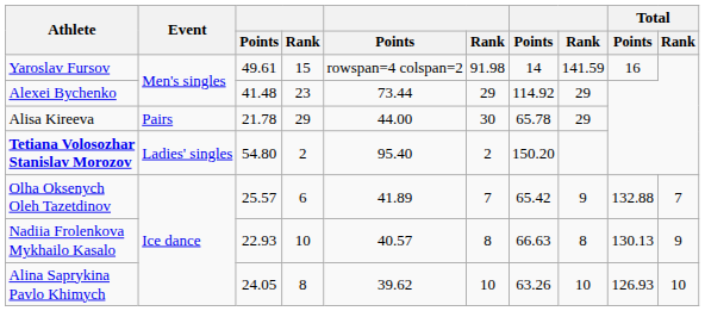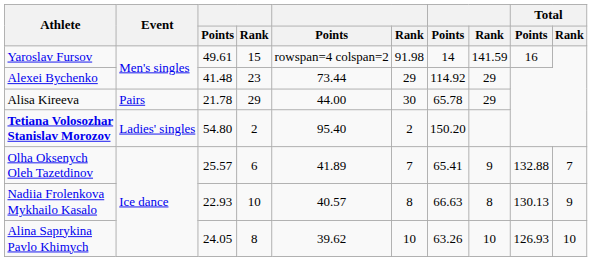 <table class=wikitable style=font-size:90%;text-align:center>
 <tr>
 <th rowspan="2">Athlete</th>
 <th rowspan="2">Event</th>
 <th colspan="2"></th>
 <th colspan="2"></th>
 <th colspan="2"></th>
 <th colspan="2">Total</th>
 </tr>
 <tr style="font-size:95%">
 <th>Points</th>
 <th>Rank</th>
 <th>Points</th>
 <th>Rank</th>
 <th>Points</th>
 <th>Rank</th>
 <th>Points</th>
 <th>Rank</th>
 </tr>
 <tr>
 <td align=left><a href='#'>Yaroslav Fursov</a></td>
 <td align=left rowspan=2><a href='#'>Men's singles</a></td>
 <td>49.61</td>
 <td>15</td>
 <td>rowspan=4 colspan=2 </td>
 <td>91.98</td>
 <td>14</td>
 <td>141.59</td>
 <td>16</td>
 </tr>
 <tr>
 <td align=left><a href='#'>Alexei Bychenko</a></td>
 <td>41.48</td>
 <td>23</td>
 <td>73.44</td>
 <td>29</td>
 <td>114.92</td>
 <td>29</td>
 </tr>
 <tr>
 <td align=left>Alisa Kireeva</td>
 <td align=left><a href='#'>Pairs</a></td>
 <td>21.78</td>
 <td>29</td>
 <td>44.00</td>
 <td>30</td>
 <td>65.78</td>
 <td>29</td>
 </tr>
 <tr>
 <td align=left><strong><a href='#'>Tetiana Volosozhar</a><br><a href='#'>Stanislav Morozov</a></strong></td>
 <td align=left><a href='#'>Ladies' singles</a></td>
 <td>54.80</td>
 <td>2</td>
 <td>95.40</td>
 <td>2</td>
 <td>150.20</td>
 <td></td>
 </tr>
 <tr>
 <td align=left><a href='#'>Olha Oksenych</a><br><a href='#'>Oleh Tazetdinov</a></td>
 <td align=left rowspan=3><a href='#'>Ice dance</a></td>
 <td>25.57</td>
 <td>6</td>
 <td>41.89</td>
 <td>7</td>
-<td>65.42</td>
+<td>65.41</td>
 <td>9</td>
 <td>132.88</td>
 <td>7</td>
 </tr>
 <tr>
 <td align=left><a href='#'>Nadiia Frolenkova</a><br><a href='#'>Mykhailo Kasalo</a></td>
 <td>22.93</td>
 <td>10</td>
 <td>40.57</td>
 <td>8</td>
 <td>66.63</td>
 <td>8</td>
 <td>130.13</td>
 <td>9</td>
 </tr>
 <tr>
 <td align=left><a href='#'>Alina Saprykina</a><br><a href='#'>Pavlo Khimych</a></td>
 <td>24.05</td>
 <td>8</td>
 <td>39.62</td>
 <td>10</td>
 <td>63.26</td>
 <td>10</td>
 <td>126.93</td>
 <td>10</td>
 </tr>
 </table>
